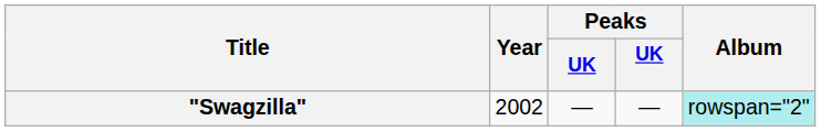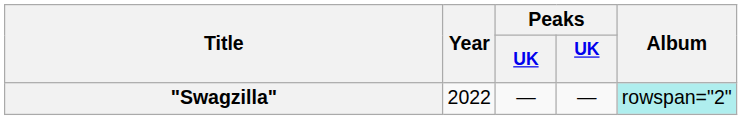 <table class="wikitable plainrowheaders" style="text-align:center;">
 <tr>
 <th rowspan="2" scope="col" style="width:22em;">Title</th>
 <th rowspan="2" scope="col" style="width:1em;">Year</th>
 <th colspan="2" scope="col">Peaks</th>
 <th rowspan="2" scope="col">Album</th>
 </tr>
 <tr>
 <th scope="col" style="width:3em;font-size:90%;"><a href='#'>UK</a><br></th>
 <th scope="col" style="width:3em;font-size:90%;"><a href='#'>UK<br></a><br></th>
 </tr>
 <tr>
 <th scope="row">"Swagzilla" </th>
-<td>2002</td>
+<td>2022</td>
 <td>—</td>
 <td>—</td>
 <td style="background: paleturquoise;">rowspan="2" </td>
 </tr>
 </table>
